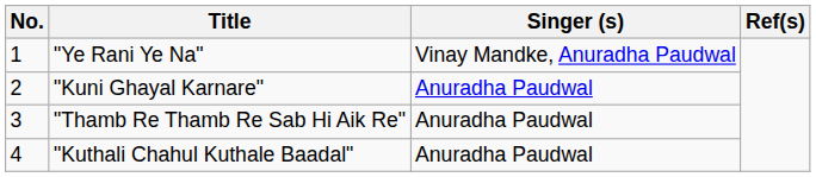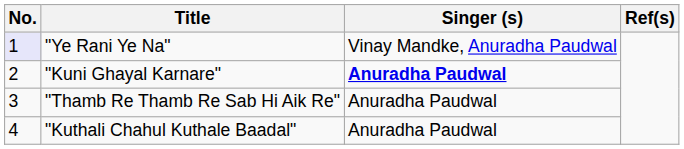 <table class="wikitable">
 <tr>
 <th>No.</th>
 <th>Title</th>
 <th>Singer (s)</th>
 <th>Ref(s)</th>
 </tr>
 <tr>
-<td>1</td>
+<td style="background: lavender;">1</td>
 <td>"Ye Rani Ye Na"</td>
 <td>Vinay Mandke, <a href='#'>Anuradha Paudwal</a></td>
 <td rowspan="4"></td>
 </tr>
 <tr>
 <td>2</td>
 <td>"Kuni Ghayal Karnare"</td>
-<td><a href='#'>Anuradha Paudwal</a></td>
+<td><strong><a href='#'>Anuradha Paudwal</a></strong></td>
 </tr>
 <tr>
 <td>3</td>
 <td>"Thamb Re Thamb Re Sab Hi Aik Re"</td>
 <td>Anuradha Paudwal</td>
 </tr>
 <tr>
 <td>4</td>
 <td>"Kuthali Chahul Kuthale Baadal"</td>
 <td>Anuradha Paudwal</td>
 </tr>
 </table>
